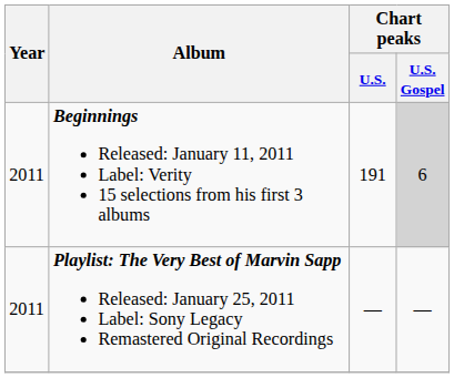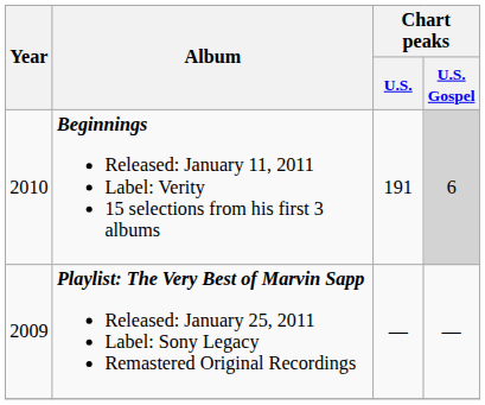 <table class="wikitable">
 <tr>
 <th rowspan="2">Year</th>
 <th rowspan="2" width="260">Album</th>
 <th colspan="2">Chart peaks </th>
 </tr>
 <tr>
 <th width="35"><small><a href='#'>U.S.</a></small><br></th>
 <th width="35"><small><a href='#'>U.S. Gospel</a></small><br></th>
 </tr>
 <tr>
-<td>2011</td>
+<td>2010</td>
 <td><strong><em>Beginnings</em></strong><br><ul><li>Released: January 11, 2011</li><li>Label: Verity</li><li>15 selections from his first 3 albums</li></ul></td>
 <td align="center">191</td>
 <td align="center" style="background: lightgrey;">6</td>
 </tr>
 <tr>
-<td>2011</td>
+<td>2009</td>
 <td><strong><em>Playlist: The Very Best of Marvin Sapp</em></strong><br><ul><li>Released: January 25, 2011</li><li>Label: Sony Legacy</li><li>Remastered Original Recordings</li></ul></td>
 <td align="center">—</td>
 <td align="center">—</td>
 </tr>
 <tr>
 </tr>
 </table>
